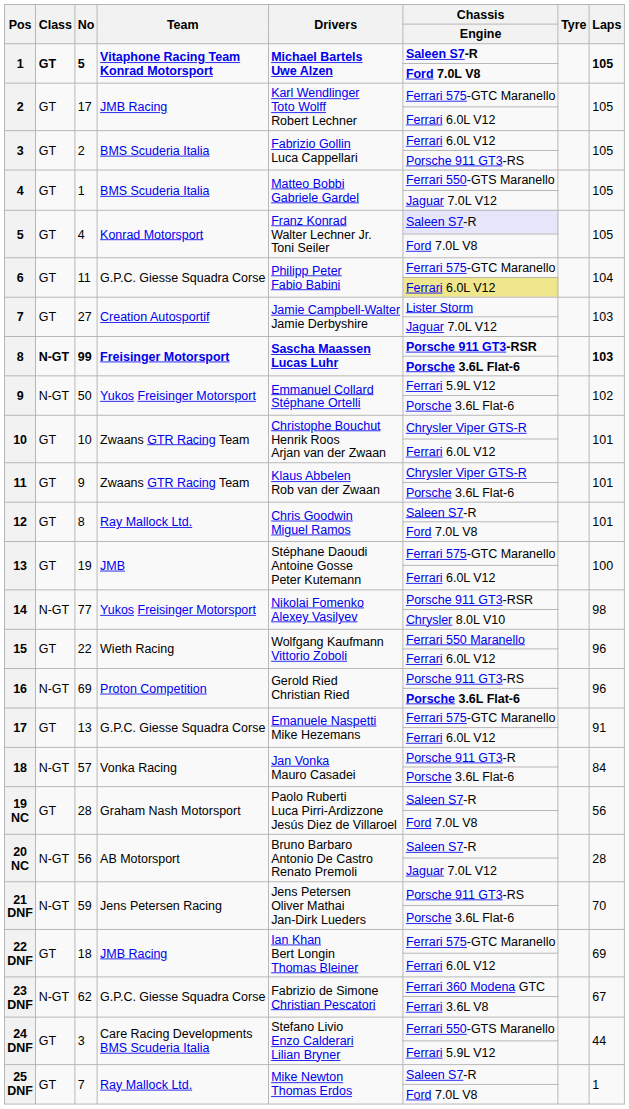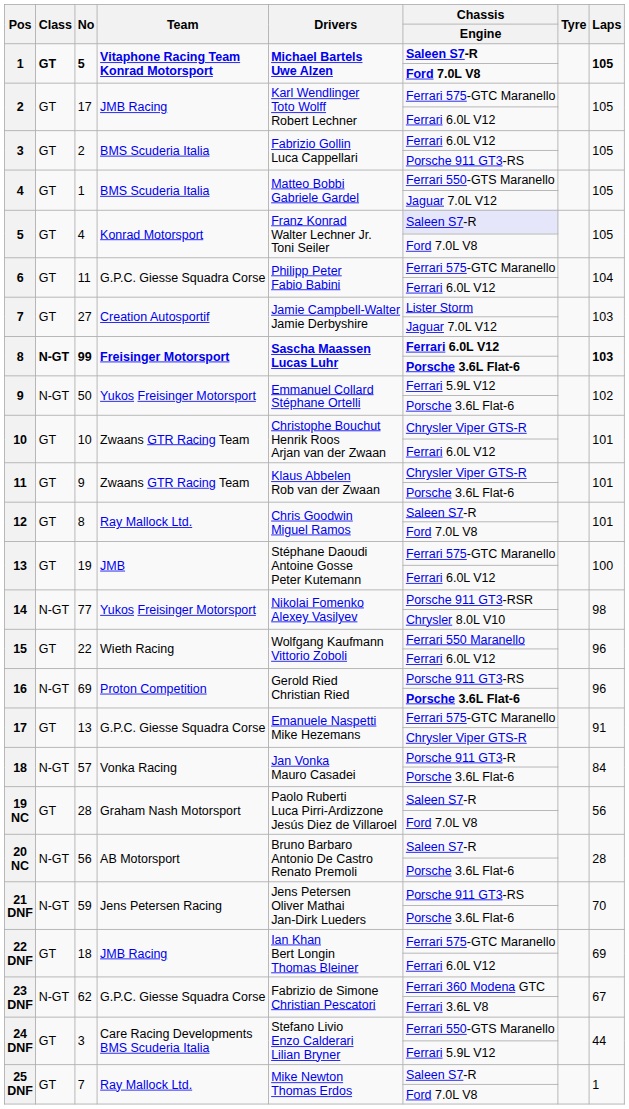 <table class="wikitable" style="font-size: 95%;">
 <tr>
 <th rowspan=2>Pos</th>
 <th rowspan=2>Class</th>
 <th rowspan=2>No</th>
 <th rowspan=2>Team</th>
 <th rowspan=2>Drivers</th>
 <th>Chassis</th>
 <th rowspan=2>Tyre</th>
 <th rowspan=2>Laps</th>
 </tr>
 <tr>
 <th>Engine</th>
 </tr>
 <tr style="font-weight:bold">
 <th rowspan=2>1</th>
 <td rowspan=2>GT</td>
 <td rowspan=2>5</td>
 <td rowspan=2> <a href='#'>Vitaphone Racing Team</a><br> <a href='#'>Konrad Motorsport</a></td>
 <td rowspan=2> <a href='#'>Michael Bartels</a><br> <a href='#'>Uwe Alzen</a></td>
 <td><a href='#'>Saleen S7</a>-R</td>
 <td rowspan=2></td>
 <td rowspan=2>105</td>
 </tr>
 <tr style="font-weight:bold">
 <td><a href='#'>Ford</a> 7.0L V8</td>
 </tr>
 <tr>
 <th rowspan=2>2</th>
 <td rowspan=2>GT</td>
 <td rowspan=2>17</td>
 <td rowspan=2> <a href='#'>JMB Racing</a></td>
 <td rowspan=2> <a href='#'>Karl Wendlinger</a><br> <a href='#'>Toto Wolff</a><br> Robert Lechner</td>
 <td><a href='#'>Ferrari 575</a>-GTC Maranello</td>
 <td rowspan=2></td>
 <td rowspan=2>105</td>
 </tr>
 <tr>
 <td><a href='#'>Ferrari</a> 6.0L V12</td>
 </tr>
 <tr>
 <th rowspan=2>3</th>
 <td rowspan=2>GT</td>
 <td rowspan=2>2</td>
 <td rowspan=2> <a href='#'>BMS Scuderia Italia</a></td>
 <td rowspan=2> <a href='#'>Fabrizio Gollin</a><br> Luca Cappellari</td>
 <td><a href='#'>Ferrari</a> 6.0L V12</td>
 <td rowspan=2></td>
 <td rowspan=2>105</td>
 </tr>
 <tr>
 <td><a href='#'>Porsche 911 GT3</a>-RS</td>
 </tr>
 <tr>
 <th rowspan=2>4</th>
 <td rowspan=2>GT</td>
 <td rowspan=2>1</td>
 <td rowspan=2> <a href='#'>BMS Scuderia Italia</a></td>
 <td rowspan=2> <a href='#'>Matteo Bobbi</a><br> <a href='#'>Gabriele Gardel</a></td>
 <td><a href='#'>Ferrari 550</a>-GTS Maranello</td>
 <td rowspan=2></td>
 <td rowspan=2>105</td>
 </tr>
 <tr>
 <td><a href='#'>Jaguar</a> 7.0L V12</td>
 </tr>
 <tr>
 <th rowspan=2>5</th>
 <td rowspan=2>GT</td>
 <td rowspan=2>4</td>
 <td rowspan=2> <a href='#'>Konrad Motorsport</a></td>
 <td rowspan=2> <a href='#'>Franz Konrad</a><br> Walter Lechner Jr.<br> Toni Seiler</td>
 <td style="background: lavender;"><a href='#'>Saleen S7</a>-R</td>
 <td rowspan=2></td>
 <td rowspan=2>105</td>
 </tr>
 <tr>
 <td><a href='#'>Ford</a> 7.0L V8</td>
 </tr>
 <tr>
 <th rowspan=2>6</th>
 <td rowspan=2>GT</td>
 <td rowspan=2>11</td>
 <td rowspan=2> G.P.C. Giesse Squadra Corse</td>
 <td rowspan=2> <a href='#'>Philipp Peter</a><br> <a href='#'>Fabio Babini</a></td>
 <td><a href='#'>Ferrari 575</a>-GTC Maranello</td>
 <td rowspan=2></td>
 <td rowspan=2>104</td>
 </tr>
 <tr>
-<td style="background: khaki;"><a href='#'>Ferrari</a> 6.0L V12</td>
+<td><a href='#'>Ferrari</a> 6.0L V12</td>
 </tr>
 <tr>
 <th rowspan=2>7</th>
 <td rowspan=2>GT</td>
 <td rowspan=2>27</td>
 <td rowspan=2> <a href='#'>Creation Autosportif</a></td>
 <td rowspan=2> <a href='#'>Jamie Campbell-Walter</a><br> Jamie Derbyshire</td>
 <td><a href='#'>Lister Storm</a></td>
 <td rowspan=2></td>
 <td rowspan=2>103</td>
 </tr>
 <tr>
 <td><a href='#'>Jaguar</a> 7.0L V12</td>
 </tr>
 <tr style="font-weight:bold">
 <th rowspan=2>8</th>
 <td rowspan=2>N-GT</td>
 <td rowspan=2>99</td>
 <td rowspan=2> <a href='#'>Freisinger Motorsport</a></td>
 <td rowspan=2> <a href='#'>Sascha Maassen</a><br> <a href='#'>Lucas Luhr</a></td>
-<td><a href='#'>Porsche 911 GT3</a>-RSR</td>
+<td><a href='#'>Ferrari</a> 6.0L V12</td>
 <td rowspan=2></td>
 <td rowspan=2>103</td>
 </tr>
 <tr style="font-weight:bold">
 <td><a href='#'>Porsche</a> 3.6L Flat-6</td>
 </tr>
 <tr>
 <th rowspan=2>9</th>
 <td rowspan=2>N-GT</td>
 <td rowspan=2>50</td>
 <td rowspan=2> <a href='#'>Yukos</a> <a href='#'>Freisinger Motorsport</a></td>
 <td rowspan=2> <a href='#'>Emmanuel Collard</a><br> <a href='#'>Stéphane Ortelli</a></td>
 <td><a href='#'>Ferrari</a> 5.9L V12</td>
 <td rowspan=2></td>
 <td rowspan=2>102</td>
 </tr>
 <tr>
 <td><a href='#'>Porsche</a> 3.6L Flat-6</td>
 </tr>
 <tr>
 <th rowspan=2>10</th>
 <td rowspan=2>GT</td>
 <td rowspan=2>10</td>
 <td rowspan=2> Zwaans <a href='#'>GTR Racing</a> Team</td>
 <td rowspan=2> <a href='#'>Christophe Bouchut</a><br> Henrik Roos<br> Arjan van der Zwaan</td>
 <td><a href='#'>Chrysler Viper GTS-R</a></td>
 <td rowspan=2></td>
 <td rowspan=2>101</td>
 </tr>
 <tr>
 <td><a href='#'>Ferrari</a> 6.0L V12</td>
 </tr>
 <tr>
 <th rowspan=2>11</th>
 <td rowspan=2>GT</td>
 <td rowspan=2>9</td>
 <td rowspan=2> Zwaans <a href='#'>GTR Racing</a> Team</td>
 <td rowspan=2> <a href='#'>Klaus Abbelen</a><br> Rob van der Zwaan</td>
 <td><a href='#'>Chrysler Viper GTS-R</a></td>
 <td rowspan=2></td>
 <td rowspan=2>101</td>
 </tr>
 <tr>
 <td><a href='#'>Porsche</a> 3.6L Flat-6</td>
 </tr>
 <tr>
 <th rowspan=2>12</th>
 <td rowspan=2>GT</td>
 <td rowspan=2>8</td>
 <td rowspan=2> <a href='#'>Ray Mallock Ltd.</a></td>
 <td rowspan=2> <a href='#'>Chris Goodwin</a><br> <a href='#'>Miguel Ramos</a></td>
 <td><a href='#'>Saleen S7</a>-R</td>
 <td rowspan=2></td>
 <td rowspan=2>101</td>
 </tr>
 <tr>
 <td><a href='#'>Ford</a> 7.0L V8</td>
 </tr>
 <tr>
 <th rowspan=2>13</th>
 <td rowspan=2>GT</td>
 <td rowspan=2>19</td>
 <td rowspan=2> <a href='#'>JMB</a></td>
 <td rowspan=2> Stéphane Daoudi<br> Antoine Gosse<br> Peter Kutemann</td>
 <td><a href='#'>Ferrari 575</a>-GTC Maranello</td>
 <td rowspan=2></td>
 <td rowspan=2>100</td>
 </tr>
 <tr>
 <td><a href='#'>Ferrari</a> 6.0L V12</td>
 </tr>
 <tr>
 <th rowspan=2>14</th>
 <td rowspan=2>N-GT</td>
 <td rowspan=2>77</td>
 <td rowspan=2> <a href='#'>Yukos</a> <a href='#'>Freisinger Motorsport</a></td>
 <td rowspan=2> <a href='#'>Nikolai Fomenko</a><br> <a href='#'>Alexey Vasilyev</a></td>
 <td><a href='#'>Porsche 911 GT3</a>-RSR</td>
 <td rowspan=2></td>
 <td rowspan=2>98</td>
 </tr>
 <tr>
 <td><a href='#'>Chrysler</a> 8.0L V10</td>
 </tr>
 <tr>
 <th rowspan=2>15</th>
 <td rowspan=2>GT</td>
 <td rowspan=2>22</td>
 <td rowspan=2> Wieth Racing</td>
 <td rowspan=2> Wolfgang Kaufmann<br> <a href='#'>Vittorio Zoboli</a></td>
 <td><a href='#'>Ferrari 550 Maranello</a></td>
 <td rowspan=2></td>
 <td rowspan=2>96</td>
 </tr>
 <tr>
 <td><a href='#'>Ferrari</a> 6.0L V12</td>
 </tr>
 <tr>
 <th rowspan=2>16</th>
 <td rowspan=2>N-GT</td>
 <td rowspan=2>69</td>
 <td rowspan=2> <a href='#'>Proton Competition</a></td>
 <td rowspan=2> Gerold Ried<br> Christian Ried</td>
 <td><a href='#'>Porsche 911 GT3</a>-RS</td>
 <td rowspan=2></td>
 <td rowspan=2>96</td>
 </tr>
 <tr>
 <td><strong><a href='#'>Porsche</a> 3.6L Flat-6</strong></td>
 </tr>
 <tr>
 <th rowspan=2>17</th>
 <td rowspan=2>GT</td>
 <td rowspan=2>13</td>
 <td rowspan=2> G.P.C. Giesse Squadra Corse</td>
 <td rowspan=2> <a href='#'>Emanuele Naspetti</a><br> Mike Hezemans</td>
 <td><a href='#'>Ferrari 575</a>-GTC Maranello</td>
 <td rowspan=2></td>
 <td rowspan=2>91</td>
 </tr>
 <tr>
-<td><a href='#'>Ferrari</a> 6.0L V12</td>
+<td><a href='#'>Chrysler Viper GTS-R</a></td>
 </tr>
 <tr>
 <th rowspan=2>18</th>
 <td rowspan=2>N-GT</td>
 <td rowspan=2>57</td>
 <td rowspan=2> Vonka Racing</td>
 <td rowspan=2> <a href='#'>Jan Vonka</a><br> Mauro Casadei</td>
 <td><a href='#'>Porsche 911 GT3</a>-R</td>
 <td rowspan=2></td>
 <td rowspan=2>84</td>
 </tr>
 <tr>
 <td><a href='#'>Porsche</a> 3.6L Flat-6</td>
 </tr>
 <tr>
 <th rowspan=2>19<br>NC</th>
 <td rowspan=2>GT</td>
 <td rowspan=2>28</td>
 <td rowspan=2> Graham Nash Motorsport</td>
 <td rowspan=2> Paolo Ruberti<br> Luca Pirri-Ardizzone<br> Jesús Diez de Villaroel</td>
 <td><a href='#'>Saleen S7</a>-R</td>
 <td rowspan=2></td>
 <td rowspan=2>56</td>
 </tr>
 <tr>
 <td><a href='#'>Ford</a> 7.0L V8</td>
 </tr>
 <tr>
 <th rowspan=2>20<br>NC</th>
 <td rowspan=2>N-GT</td>
 <td rowspan=2>56</td>
 <td rowspan=2> AB Motorsport</td>
 <td rowspan=2> Bruno Barbaro<br> Antonio De Castro<br> Renato Premoli</td>
 <td><a href='#'>Saleen S7</a>-R</td>
 <td rowspan=2></td>
 <td rowspan=2>28</td>
 </tr>
 <tr>
-<td><a href='#'>Jaguar</a> 7.0L V12</td>
+<td><a href='#'>Porsche</a> 3.6L Flat-6</td>
 </tr>
 <tr>
 <th rowspan=2>21<br>DNF</th>
 <td rowspan=2>N-GT</td>
 <td rowspan=2>59</td>
 <td rowspan=2> Jens Petersen Racing</td>
 <td rowspan=2> Jens Petersen<br> Oliver Mathai<br> Jan-Dirk Lueders</td>
 <td><a href='#'>Porsche 911 GT3</a>-RS</td>
 <td rowspan=2></td>
 <td rowspan=2>70</td>
 </tr>
 <tr>
 <td><a href='#'>Porsche</a> 3.6L Flat-6</td>
 </tr>
 <tr>
 <th rowspan=2>22<br>DNF</th>
 <td rowspan=2>GT</td>
 <td rowspan=2>18</td>
 <td rowspan=2> <a href='#'>JMB Racing</a></td>
 <td rowspan=2> <a href='#'>Ian Khan</a><br> Bert Longin<br> <a href='#'>Thomas Bleiner</a></td>
 <td><a href='#'>Ferrari 575</a>-GTC Maranello</td>
 <td rowspan=2></td>
 <td rowspan=2>69</td>
 </tr>
 <tr>
 <td><a href='#'>Ferrari</a> 6.0L V12</td>
 </tr>
 <tr>
 <th rowspan=2>23<br>DNF</th>
 <td rowspan=2>N-GT</td>
 <td rowspan=2>62</td>
 <td rowspan=2> G.P.C. Giesse Squadra Corse</td>
 <td rowspan=2> Fabrizio de Simone<br> <a href='#'>Christian Pescatori</a></td>
 <td><a href='#'>Ferrari 360 Modena</a> GTC</td>
 <td rowspan=2></td>
 <td rowspan=2>67</td>
 </tr>
 <tr>
 <td><a href='#'>Ferrari</a> 3.6L V8</td>
 </tr>
 <tr>
 <th rowspan=2>24<br>DNF</th>
 <td rowspan=2>GT</td>
 <td rowspan=2>3</td>
 <td rowspan=2> Care Racing Developments<br> <a href='#'>BMS Scuderia Italia</a></td>
 <td rowspan=2> Stefano Livio<br> <a href='#'>Enzo Calderari</a><br> <a href='#'>Lilian Bryner</a></td>
 <td><a href='#'>Ferrari 550</a>-GTS Maranello</td>
 <td rowspan=2></td>
 <td rowspan=2>44</td>
 </tr>
 <tr>
 <td><a href='#'>Ferrari</a> 5.9L V12</td>
 </tr>
 <tr>
 <th rowspan=2>25<br>DNF</th>
 <td rowspan=2>GT</td>
 <td rowspan=2>7</td>
 <td rowspan=2> <a href='#'>Ray Mallock Ltd.</a></td>
 <td rowspan=2> <a href='#'>Mike Newton</a><br> <a href='#'>Thomas Erdos</a></td>
 <td><a href='#'>Saleen S7</a>-R</td>
 <td rowspan=2></td>
 <td rowspan=2>1</td>
 </tr>
 <tr>
 <td><a href='#'>Ford</a> 7.0L V8</td>
 </tr>
 </table>
